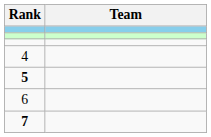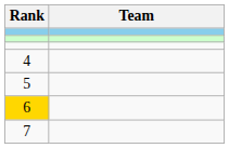 <table class="wikitable" style="text-align: center;">
 <tr>
 <th width=40>Rank</th>
 <th width=180>Team</th>
 </tr>
 <tr bgcolor=#87ceeb>
 <td></td>
 <td align="left"></td>
 </tr>
 <tr bgcolor=#CCFFCC>
 <td></td>
 <td align="left"></td>
 </tr>
 <tr>
 <td></td>
 <td align="left"></td>
 </tr>
 <tr>
 <td>4</td>
 <td align="left"></td>
 </tr>
 <tr>
-<td><strong>5</strong></td>
+<td>5</td>
 <td align="left"></td>
 </tr>
 <tr>
-<td>6</td>
+<td style="background: gold;">6</td>
 <td align="left"></td>
 </tr>
 <tr>
-<td><strong>7</strong></td>
+<td>7</td>
 <td align="left"></td>
 </tr>
 </table>
